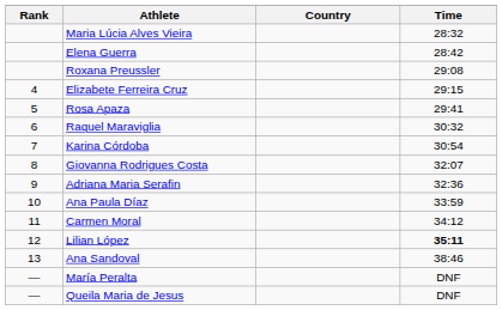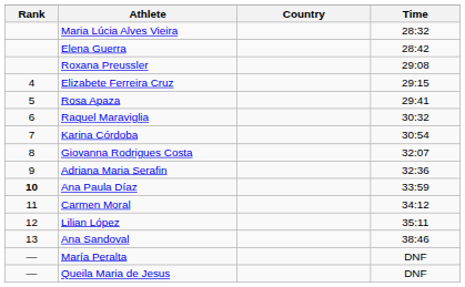 <table class="wikitable sortable" style=" text-align:center; font-size:95%;" width="50%">
 <tr>
 </tr>
 <tr>
 <th width=5%>Rank</th>
 <th width=20%>Athlete</th>
 <th width=15%>Country</th>
 <th width=10%>Time</th>
 </tr>
 <tr>
 <td align=center></td>
 <td align=left><a href='#'>Maria Lúcia Alves Vieira</a></td>
 <td align=left></td>
 <td>28:32</td>
 </tr>
 <tr>
 <td align=center></td>
 <td align=left><a href='#'>Elena Guerra</a></td>
 <td align=left></td>
 <td>28:42</td>
 </tr>
 <tr>
 <td align=center></td>
 <td align=left><a href='#'>Roxana Preussler</a></td>
 <td align=left></td>
 <td>29:08</td>
 </tr>
 <tr>
 <td align=center>4</td>
 <td align=left><a href='#'>Elizabete Ferreira Cruz</a></td>
 <td align=left></td>
 <td>29:15</td>
 </tr>
 <tr>
 <td align=center>5</td>
 <td align=left><a href='#'>Rosa Apaza</a></td>
 <td align=left></td>
 <td>29:41</td>
 </tr>
 <tr>
 <td align=center>6</td>
 <td align=left><a href='#'>Raquel Maraviglia</a></td>
 <td align=left></td>
 <td>30:32</td>
 </tr>
 <tr>
 <td align=center>7</td>
 <td align=left><a href='#'>Karina Córdoba</a></td>
 <td align=left></td>
 <td>30:54</td>
 </tr>
 <tr>
 <td align=center>8</td>
 <td align=left><a href='#'>Giovanna Rodrigues Costa</a></td>
 <td align=left></td>
 <td>32:07</td>
 </tr>
 <tr>
 <td align=center>9</td>
 <td align=left><a href='#'>Adriana Maria Serafin</a></td>
 <td align=left></td>
 <td>32:36</td>
 </tr>
 <tr>
-<td align=center>10</td>
+<td align=center><strong>10</strong></td>
 <td align=left><a href='#'>Ana Paula Díaz</a></td>
 <td align=left></td>
 <td>33:59</td>
 </tr>
 <tr>
 <td align=center>11</td>
 <td align=left><a href='#'>Carmen Moral</a></td>
 <td align=left></td>
 <td>34:12</td>
 </tr>
 <tr>
 <td align=center>12</td>
 <td align=left><a href='#'>Lilian López</a></td>
 <td align=left></td>
-<td><strong>35:11</strong></td>
+<td>35:11</td>
 </tr>
 <tr>
 <td align=center>13</td>
 <td align=left><a href='#'>Ana Sandoval</a></td>
 <td align=left></td>
 <td>38:46</td>
 </tr>
 <tr>
 <td align=center>—</td>
 <td align=left><a href='#'>María Peralta</a></td>
 <td align=left></td>
 <td>DNF</td>
 </tr>
 <tr>
 <td align=center>—</td>
 <td align=left><a href='#'>Queila Maria de Jesus</a></td>
 <td align=left></td>
 <td>DNF</td>
 </tr>
 </table>
